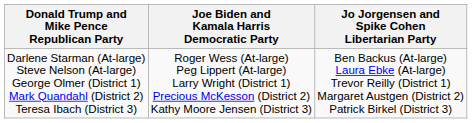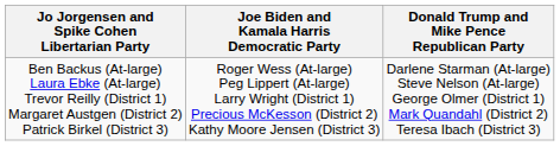 <table class="wikitable" style="font-size:90%;text-align:center;">
 <tr>
+<th>Jo Jorgensen and<br> Spike Cohen<br>Libertarian Party</th>
+<th>Joe Biden and<br> Kamala Harris<br>Democratic Party</th>
 <th>Donald Trump and<br> Mike Pence<br>Republican Party</th>
-<th>Joe Biden and<br> Kamala Harris<br>Democratic Party</th>
-<th>Jo Jorgensen and<br> Spike Cohen<br>Libertarian Party</th>
 </tr>
 <tr>
+<td>Ben Backus (At-large)<br><a href='#'>Laura Ebke</a> (At-large)<br>Trevor Reilly (District 1)<br>Margaret Austgen (District 2)<br>Patrick Birkel (District 3)</td>
+<td>Roger Wess (At-large)<br>Peg Lippert (At-large)<br>Larry Wright (District 1)<br><a href='#'>Precious McKesson</a> (District 2)<br>Kathy Moore Jensen (District 3)</td>
 <td>Darlene Starman (At-large)<br>Steve Nelson (At-large)<br>George Olmer (District 1)<br><a href='#'>Mark Quandahl</a> (District 2)<br>Teresa Ibach (District 3)</td>
-<td>Roger Wess (At-large)<br>Peg Lippert (At-large)<br>Larry Wright (District 1)<br><a href='#'>Precious McKesson</a> (District 2)<br>Kathy Moore Jensen (District 3)</td>
-<td>Ben Backus (At-large)<br><a href='#'>Laura Ebke</a> (At-large)<br>Trevor Reilly (District 1)<br>Margaret Austgen (District 2)<br>Patrick Birkel (District 3)</td>
 </tr>
 </table>
